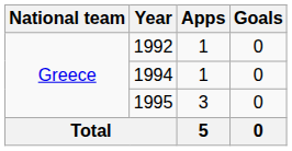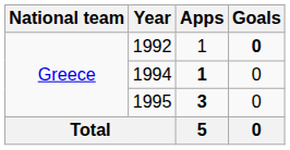 <table class=wikitable style=text-align:center>
 <tr>
 <th>National team</th>
 <th>Year</th>
 <th>Apps</th>
 <th>Goals</th>
 </tr>
 <tr>
 <td rowspan="3"><a href='#'>Greece</a></td>
 <td>1992</td>
 <td>1</td>
-<td>0</td>
+<td><strong>0</strong></td>
 </tr>
 <tr>
 <td>1994</td>
-<td>1</td>
+<td><strong>1</strong></td>
 <td>0</td>
 </tr>
 <tr>
 <td>1995</td>
-<td>3</td>
+<td><strong>3</strong></td>
 <td>0</td>
 </tr>
 <tr>
 <th colspan="2">Total</th>
 <th>5</th>
 <th>0</th>
 </tr>
 </table>
